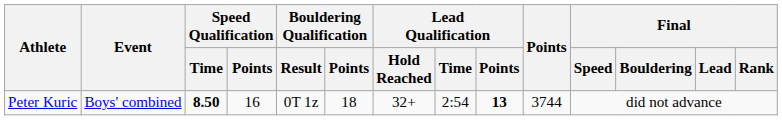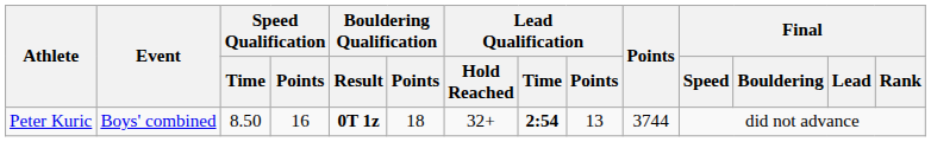 <table class="wikitable" style="text-align:center; font-size:90%">
 <tr>
 <th rowspan="2">Athlete</th>
 <th rowspan="2">Event</th>
 <th colspan="2">Speed<br>Qualification</th>
 <th colspan="2">Bouldering<br>Qualification</th>
 <th colspan="3">Lead<br>Qualification</th>
 <th rowspan="2">Points</th>
 <th colspan="4">Final</th>
 </tr>
 <tr>
 <th>Time</th>
 <th>Points</th>
 <th>Result</th>
 <th>Points</th>
 <th>Hold<br>Reached</th>
 <th>Time</th>
 <th>Points</th>
 <th>Speed</th>
 <th>Bouldering</th>
 <th>Lead</th>
 <th>Rank</th>
 </tr>
 <tr>
 <td align=left><a href='#'>Peter Kuric</a></td>
 <td style="text-align:left;" rowspan="2"><a href='#'>Boys' combined</a></td>
-<td><strong>8.50</strong></td>
+<td>8.50</td>
 <td>16</td>
-<td>0T 1z</td>
+<td><strong>0T 1z</strong></td>
 <td>18</td>
 <td>32+</td>
-<td>2:54</td>
-<td><strong>13</strong></td>
+<td><strong>2:54</strong></td>
+<td>13</td>
 <td>3744</td>
 <td colspan="4">did not advance</td>
 </tr>
 </table>
